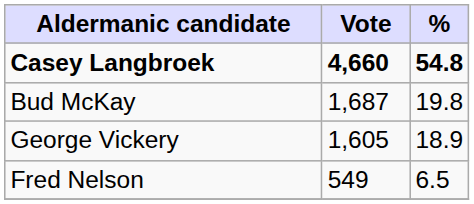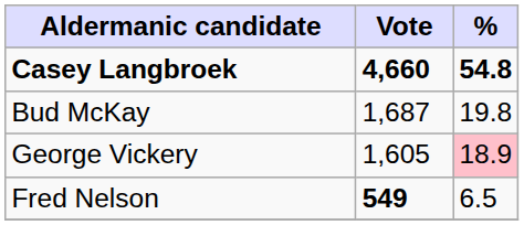 <table class="wikitable">
 <tr>
 <th style="background:#ddf;" width="200px">Aldermanic candidate</th>
 <th style="background:#ddf;" width="50px">Vote</th>
 <th style="background:#ddf;" width="30px">%</th>
 </tr>
 <tr>
 <td><strong>Casey Langbroek</strong></td>
 <td><strong>4,660</strong></td>
 <td><strong>54.8</strong></td>
 </tr>
 <tr>
 <td>Bud McKay</td>
 <td>1,687</td>
 <td>19.8</td>
 </tr>
 <tr>
 <td>George Vickery</td>
 <td>1,605</td>
-<td>18.9</td>
+<td style="background: pink;">18.9</td>
 </tr>
 <tr>
 <td>Fred Nelson</td>
-<td>549</td>
+<td><strong>549</strong></td>
 <td>6.5</td>
 </tr>
 <tr>
 </tr>
 </table>
